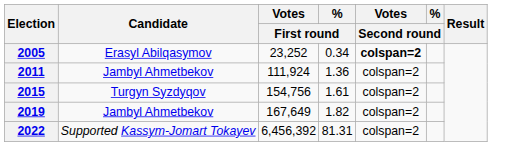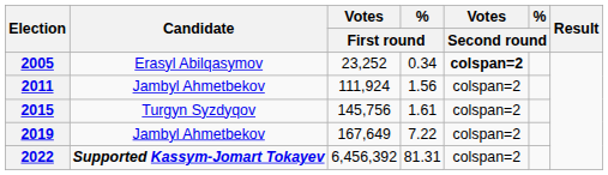 <table class="wikitable" style="text-align:center">
 <tr>
 <th rowspan="2"><strong>Election</strong></th>
 <th rowspan="2">Candidate</th>
 <th><strong>Votes</strong></th>
 <th><strong>%</strong></th>
 <th><strong>Votes</strong></th>
 <th><strong>%</strong></th>
 <th rowspan="2"><strong>Result</strong></th>
 </tr>
 <tr>
 <th colspan="2">First round</th>
 <th colspan="2">Second round</th>
 </tr>
 <tr>
 <th><a href='#'>2005</a></th>
 <td><a href='#'>Erasyl Abilqasymov</a></td>
 <td>23,252</td>
 <td>0.34</td>
 <td><strong>colspan=2 </strong></td>
 <td></td>
 </tr>
 <tr>
 <th><a href='#'>2011</a></th>
 <td><a href='#'>Jambyl Ahmetbekov</a></td>
 <td>111,924</td>
-<td>1.36</td>
+<td>1.56</td>
 <td>colspan=2 </td>
 <td></td>
 </tr>
 <tr>
 <th><a href='#'>2015</a></th>
 <td><a href='#'>Turgyn Syzdyqov</a></td>
-<td>154,756</td>
+<td>145,756</td>
 <td>1.61</td>
 <td>colspan=2 </td>
 <td></td>
 </tr>
 <tr>
 <th><a href='#'>2019</a></th>
 <td><a href='#'>Jambyl Ahmetbekov</a></td>
 <td>167,649</td>
-<td>1.82</td>
+<td>7.22</td>
 <td>colspan=2 </td>
 <td></td>
 </tr>
 <tr>
 <th><a href='#'>2022</a></th>
-<td><em>Supported <a href='#'>Kassym-Jomart Tokayev</a></em></td>
+<td><strong><em>Supported <a href='#'>Kassym-Jomart Tokayev</a></em></strong></td>
 <td>6,456,392</td>
 <td>81.31</td>
 <td>colspan=2 </td>
 <td></td>
 </tr>
 </table>
